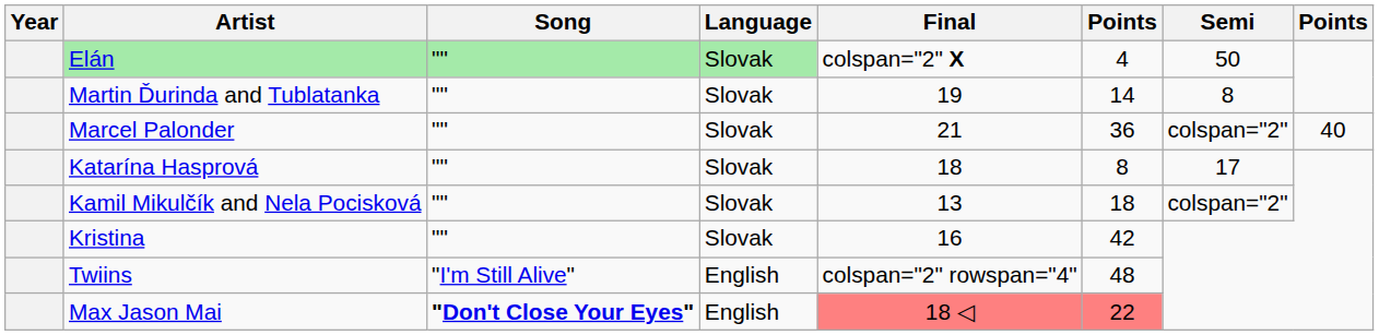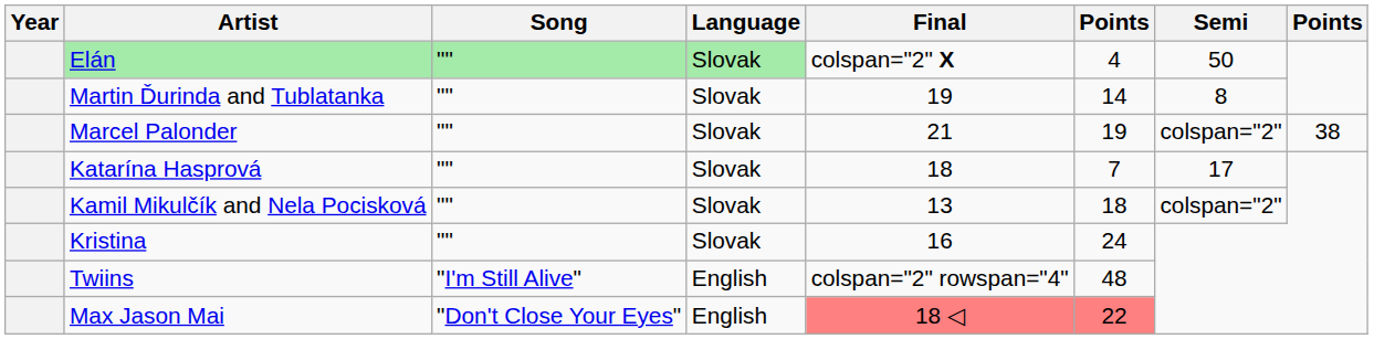 <table class="wikitable sortable plainrowheaders">
 <tr>
 <th scope="col">Year</th>
 <th scope="col">Artist</th>
 <th scope="col">Song</th>
 <th scope="col">Language</th>
 <th scope="col" data-sort-type="number">Final</th>
 <th scope="col" data-sort-type="number">Points</th>
 <th scope="col" data-sort-type="number">Semi</th>
 <th scope="col" data-sort-type="number">Points</th>
 </tr>
 <tr>
 <th scope="row" style="text-align:center;"></th>
 <td style="background-color:#A4EAA9;"><a href='#'>Elán</a></td>
 <td style="background-color:#A4EAA9;">""</td>
 <td style="background-color:#A4EAA9;">Slovak</td>
 <td>colspan="2"  <strong>X</strong></td>
 <td style="text-align:center;">4</td>
 <td style="text-align:center;">50</td>
 </tr>
 <tr>
 <th scope="row" style="text-align:center;"></th>
 <td><a href='#'>Martin Ďurinda</a> and <a href='#'>Tublatanka</a></td>
 <td>""</td>
 <td>Slovak</td>
 <td style="text-align:center;">19</td>
 <td style="text-align:center;">14</td>
 <td style="text-align:center;">8</td>
 </tr>
 <tr>
 <th scope="row" style="text-align:center;"></th>
 <td><a href='#'>Marcel Palonder</a></td>
 <td>""</td>
 <td>Slovak</td>
 <td style="text-align:center;">21</td>
-<td style="text-align:center;">36</td>
+<td style="text-align:center;">19</td>
 <td>colspan="2" </td>
-<td style="text-align:center;">40</td>
+<td style="text-align:center;">38</td>
 </tr>
 <tr>
 <th scope="row" style="text-align:center;"></th>
 <td><a href='#'>Katarína Hasprová</a></td>
 <td>""</td>
 <td>Slovak</td>
 <td style="text-align:center;">18</td>
-<td style="text-align:center;">8</td>
+<td style="text-align:center;">7</td>
 <td style="text-align:center;">17</td>
 </tr>
 <tr>
 <th scope="row" style="text-align:center;"></th>
 <td><a href='#'>Kamil Mikulčík</a> and <a href='#'>Nela Pocisková</a></td>
 <td>""</td>
 <td>Slovak</td>
 <td style="text-align:center;">13</td>
 <td style="text-align:center;">18</td>
 <td>colspan="2" </td>
 </tr>
 <tr>
 <th scope="row" style="text-align:center;"></th>
 <td><a href='#'>Kristina</a></td>
 <td>""</td>
 <td>Slovak</td>
 <td style="text-align:center;">16</td>
-<td style="text-align:center;">42</td>
+<td style="text-align:center;">24</td>
 </tr>
 <tr>
 <th scope="row" style="text-align:center;"></th>
 <td><a href='#'>Twiins</a></td>
 <td>"<a href='#'>I'm Still Alive</a>"</td>
 <td>English</td>
 <td>colspan="2" rowspan="4" </td>
 <td style="text-align:center;">48</td>
 </tr>
 <tr>
 <th scope="row" style="text-align:center;"></th>
 <td><a href='#'>Max Jason Mai</a></td>
-<td><strong>"<a href='#'>Don't Close Your Eyes</a>"</strong></td>
+<td>"<a href='#'>Don't Close Your Eyes</a>"</td>
 <td>English</td>
 <td style="text-align:center; background-color:#FE8080;">18 ◁</td>
 <td style="text-align:center; background-color:#FE8080;">22</td>
 </tr>
 </table>
